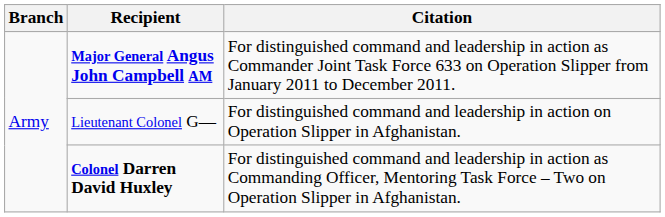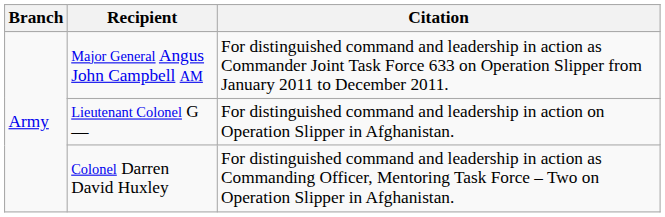 <table class=wikitable>
 <tr>
 <th>Branch</th>
 <th>Recipient</th>
 <th>Citation</th>
 </tr>
 <tr>
 <td Rowspan="3"><a href='#'>Army</a></td>
-<td><strong><small><a href='#'>Major General</a></small> <a href='#'>Angus John Campbell</a> <small><a href='#'>AM</a></small></strong></td>
+<td><small><a href='#'>Major General</a></small> <a href='#'>Angus John Campbell</a> <small><a href='#'>AM</a></small></td>
 <td>For distinguished command and leadership in action as Commander Joint Task Force 633 on Operation Slipper from January 2011 to December 2011.</td>
 </tr>
 <tr>
 <td><small><a href='#'>Lieutenant Colonel</a></small> G—</td>
 <td>For distinguished command and leadership in action on Operation Slipper in Afghanistan.</td>
 </tr>
 <tr>
-<td><strong><small><a href='#'>Colonel</a></small> Darren David Huxley</strong></td>
+<td><small><a href='#'>Colonel</a></small> Darren David Huxley</td>
 <td>For distinguished command and leadership in action as Commanding Officer, Mentoring Task Force – Two on Operation Slipper in Afghanistan.</td>
 </tr>
 </table>
